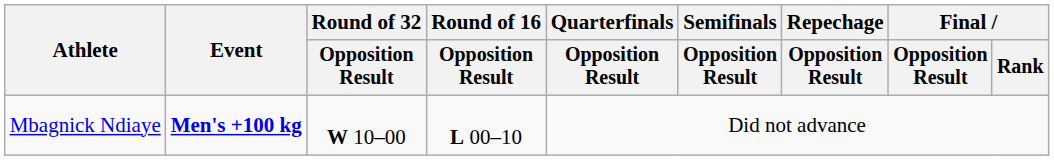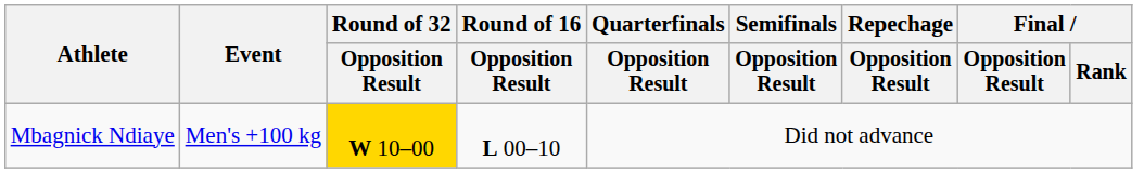 <table class="wikitable" style="font-size:90%">
 <tr>
 <th rowspan="2">Athlete</th>
 <th rowspan="2">Event</th>
 <th>Round of 32</th>
 <th>Round of 16</th>
 <th>Quarterfinals</th>
 <th>Semifinals</th>
 <th>Repechage</th>
 <th colspan=2>Final / </th>
 </tr>
 <tr style="font-size:95%">
 <th>Opposition<br>Result</th>
 <th>Opposition<br>Result</th>
 <th>Opposition<br>Result</th>
 <th>Opposition<br>Result</th>
 <th>Opposition<br>Result</th>
 <th>Opposition<br>Result</th>
 <th>Rank</th>
 </tr>
 <tr align=center>
 <td align=left><a href='#'>Mbagnick Ndiaye</a></td>
-<td align=left><strong><a href='#'>Men's +100 kg</a></strong></td>
-<td><br><strong>W</strong> 10–00</td>
+<td align=left><a href='#'>Men's +100 kg</a></td>
+<td style="background: gold;"><br><strong>W</strong> 10–00</td>
 <td><br><strong>L</strong> 00–10</td>
 <td colspan=5>Did not advance</td>
 </tr>
 </table>
